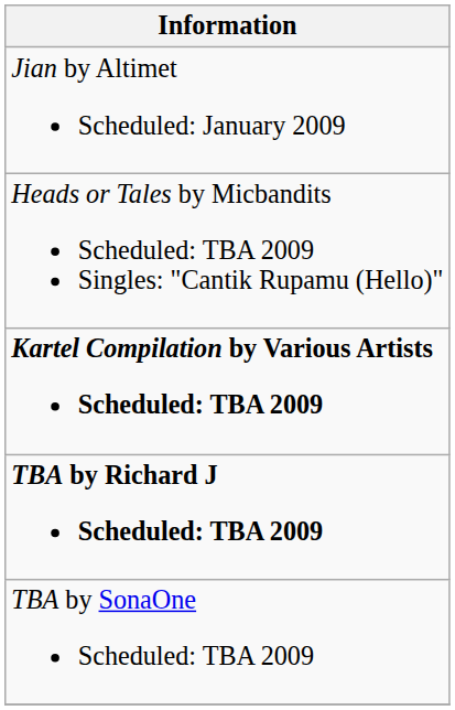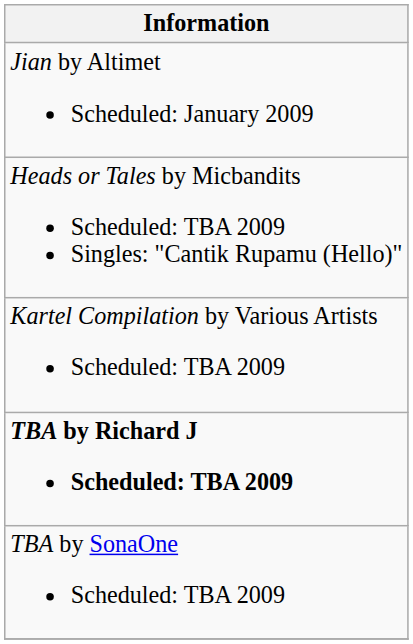 <table class="wikitable">
 <tr>
 <th align="center">Information</th>
 </tr>
 <tr>
 <td align="left"><em>Jian</em> by Altimet<br><ul><li>Scheduled: January 2009</li></ul></td>
 </tr>
 <tr>
 <td align="left"><em>Heads or Tales</em> by Micbandits<br><ul><li>Scheduled: TBA 2009</li><li>Singles: "Cantik Rupamu (Hello)"</li></ul></td>
 </tr>
 <tr>
-<td align="left"><strong><em>Kartel Compilation</em> by Various Artists<br><ul><li>Scheduled: TBA 2009</li></ul></strong></td>
+<td align="left"><em>Kartel Compilation</em> by Various Artists<br><ul><li>Scheduled: TBA 2009</li></ul></td>
 </tr>
 <tr>
 <td align="left"><strong><em>TBA</em> by Richard J<br><ul><li>Scheduled: TBA 2009</li></ul></strong></td>
 </tr>
 <tr>
 <td align="left"><em>TBA</em> by <a href='#'>SonaOne</a><br><ul><li>Scheduled: TBA 2009</li></ul></td>
 </tr>
 <tr>
 </tr>
 </table>
